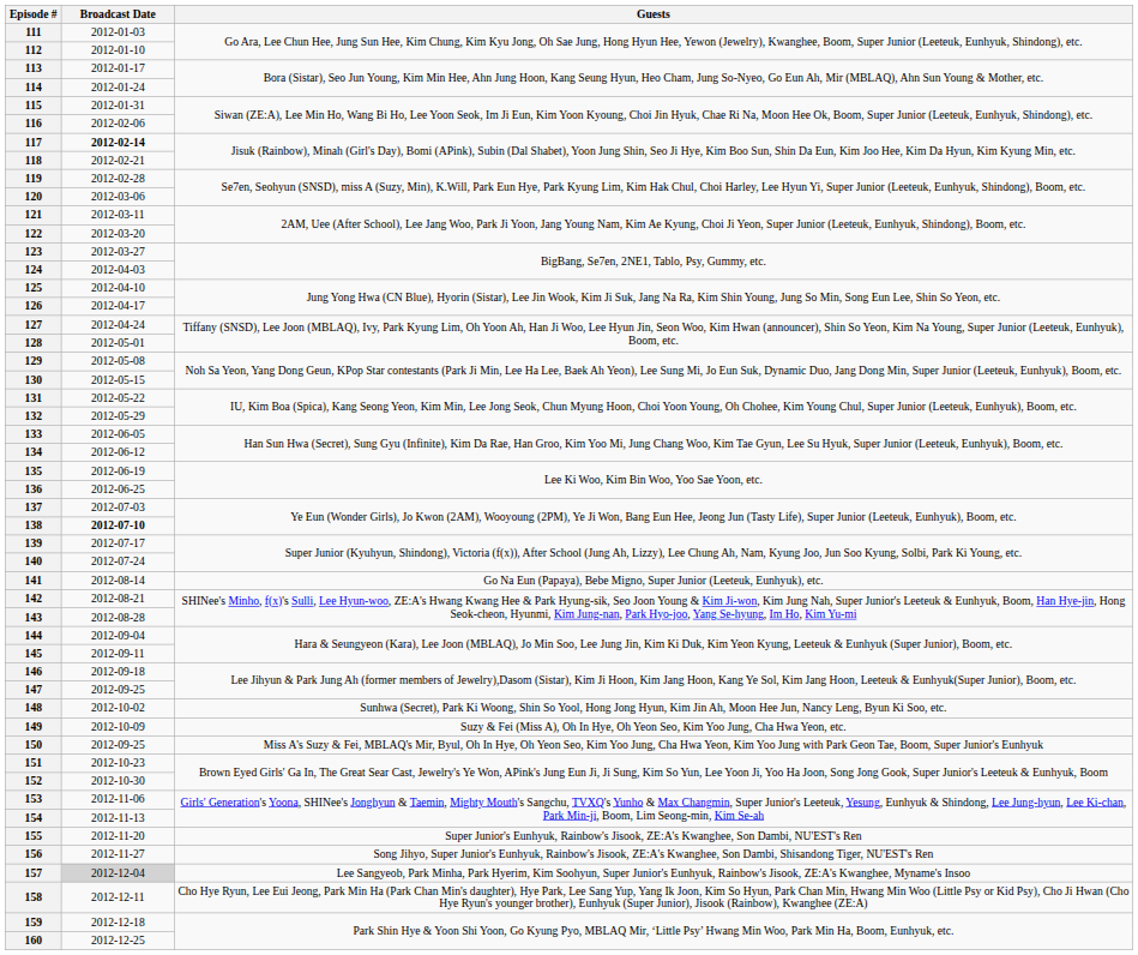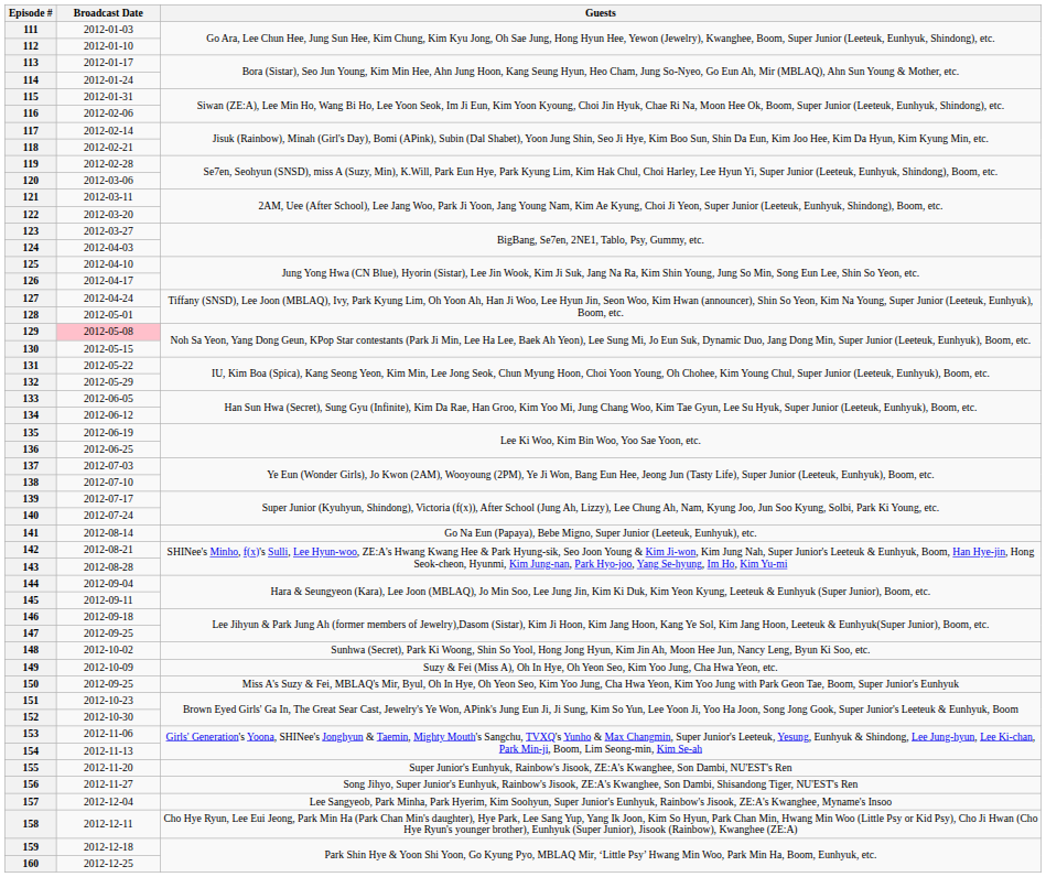 <table class="wikitable" style="text-align: center;">
 <tr>
 <th style="width:5%;">Episode #</th>
 <th style="width:10%;">Broadcast Date</th>
 <th style="width:300%;">Guests</th>
 </tr>
 <tr>
 <th>111</th>
 <td>2012-01-03</td>
 <td rowspan="2">Go Ara, Lee Chun Hee, Jung Sun Hee, Kim Chung, Kim Kyu Jong, Oh Sae Jung, Hong Hyun Hee, Yewon (Jewelry), Kwanghee, Boom, Super Junior (Leeteuk, Eunhyuk, Shindong), etc.</td>
 </tr>
 <tr>
 <th>112</th>
 <td>2012-01-10</td>
 </tr>
 <tr>
 <th>113</th>
 <td>2012-01-17</td>
 <td rowspan="2">Bora (Sistar), Seo Jun Young, Kim Min Hee, Ahn Jung Hoon, Kang Seung Hyun, Heo Cham, Jung So-Nyeo, Go Eun Ah, Mir (MBLAQ), Ahn Sun Young & Mother, etc.</td>
 </tr>
 <tr>
 <th>114</th>
 <td>2012-01-24</td>
 </tr>
 <tr>
 <th>115</th>
 <td>2012-01-31</td>
 <td rowspan="2">Siwan (ZE:A), Lee Min Ho, Wang Bi Ho, Lee Yoon Seok, Im Ji Eun, Kim Yoon Kyoung, Choi Jin Hyuk, Chae Ri Na, Moon Hee Ok, Boom, Super Junior (Leeteuk, Eunhyuk, Shindong), etc.</td>
 </tr>
 <tr>
 <th>116</th>
 <td>2012-02-06</td>
 </tr>
 <tr>
 <th>117</th>
-<td><strong>2012-02-14</strong></td>
+<td>2012-02-14</td>
 <td rowspan="2">Jisuk (Rainbow), Minah (Girl's Day), Bomi (APink), Subin (Dal Shabet), Yoon Jung Shin, Seo Ji Hye, Kim Boo Sun, Shin Da Eun, Kim Joo Hee, Kim Da Hyun, Kim Kyung Min, etc.</td>
 </tr>
 <tr>
 <th>118</th>
 <td>2012-02-21</td>
 </tr>
 <tr>
 <th>119</th>
 <td>2012-02-28</td>
 <td rowspan="2">Se7en, Seohyun (SNSD), miss A (Suzy, Min), K.Will, Park Eun Hye, Park Kyung Lim, Kim Hak Chul, Choi Harley, Lee Hyun Yi, Super Junior (Leeteuk, Eunhyuk, Shindong), Boom, etc.</td>
 </tr>
 <tr>
 <th>120</th>
 <td>2012-03-06</td>
 </tr>
 <tr>
 <th>121</th>
 <td>2012-03-11</td>
 <td rowspan="2">2AM, Uee (After School), Lee Jang Woo, Park Ji Yoon, Jang Young Nam, Kim Ae Kyung, Choi Ji Yeon, Super Junior (Leeteuk, Eunhyuk, Shindong), Boom, etc.</td>
 </tr>
 <tr>
 <th>122</th>
 <td>2012-03-20</td>
 </tr>
 <tr>
 <th>123</th>
 <td>2012-03-27</td>
 <td rowspan="2">BigBang, Se7en, 2NE1, Tablo, Psy, Gummy, etc.</td>
 </tr>
 <tr>
 <th>124</th>
 <td>2012-04-03</td>
 </tr>
 <tr>
 <th>125</th>
 <td>2012-04-10</td>
 <td rowspan="2">Jung Yong Hwa (CN Blue), Hyorin (Sistar), Lee Jin Wook, Kim Ji Suk, Jang Na Ra, Kim Shin Young, Jung So Min, Song Eun Lee, Shin So Yeon, etc.</td>
 </tr>
 <tr>
 <th>126</th>
 <td>2012-04-17</td>
 </tr>
 <tr>
 <th>127</th>
 <td>2012-04-24</td>
 <td rowspan="2">Tiffany (SNSD), Lee Joon (MBLAQ), Ivy, Park Kyung Lim, Oh Yoon Ah, Han Ji Woo, Lee Hyun Jin, Seon Woo, Kim Hwan (announcer), Shin So Yeon, Kim Na Young, Super Junior (Leeteuk, Eunhyuk), Boom, etc.</td>
 </tr>
 <tr>
 <th>128</th>
 <td>2012-05-01</td>
 </tr>
 <tr>
 <th>129</th>
-<td>2012-05-08</td>
+<td style="background: pink;">2012-05-08</td>
 <td rowspan="2">Noh Sa Yeon, Yang Dong Geun, KPop Star contestants (Park Ji Min, Lee Ha Lee, Baek Ah Yeon), Lee Sung Mi, Jo Eun Suk, Dynamic Duo, Jang Dong Min, Super Junior (Leeteuk, Eunhyuk), Boom, etc.</td>
 </tr>
 <tr>
 <th>130</th>
 <td>2012-05-15</td>
 </tr>
 <tr>
 <th>131</th>
 <td>2012-05-22</td>
 <td rowspan="2">IU, Kim Boa (Spica), Kang Seong Yeon, Kim Min, Lee Jong Seok, Chun Myung Hoon, Choi Yoon Young, Oh Chohee, Kim Young Chul, Super Junior (Leeteuk, Eunhyuk), Boom, etc.</td>
 </tr>
 <tr>
 <th>132</th>
 <td>2012-05-29</td>
 </tr>
 <tr>
 <th>133</th>
 <td>2012-06-05</td>
 <td rowspan="2">Han Sun Hwa (Secret), Sung Gyu (Infinite), Kim Da Rae, Han Groo, Kim Yoo Mi, Jung Chang Woo, Kim Tae Gyun, Lee Su Hyuk, Super Junior (Leeteuk, Eunhyuk), Boom, etc.</td>
 </tr>
 <tr>
 <th>134</th>
 <td>2012-06-12</td>
 </tr>
 <tr>
 <th>135</th>
 <td>2012-06-19</td>
 <td rowspan="2">Lee Ki Woo, Kim Bin Woo, Yoo Sae Yoon, etc.</td>
 </tr>
 <tr>
 <th>136</th>
 <td>2012-06-25</td>
 </tr>
 <tr>
 <th>137</th>
 <td>2012-07-03</td>
 <td rowspan="2">Ye Eun (Wonder Girls), Jo Kwon (2AM), Wooyoung (2PM), Ye Ji Won, Bang Eun Hee, Jeong Jun (Tasty Life), Super Junior (Leeteuk, Eunhyuk), Boom, etc.</td>
 </tr>
 <tr>
 <th>138</th>
-<td><strong>2012-07-10</strong></td>
+<td>2012-07-10</td>
 </tr>
 <tr>
 <th>139</th>
 <td>2012-07-17</td>
 <td rowspan="2">Super Junior (Kyuhyun, Shindong), Victoria (f(x)), After School (Jung Ah, Lizzy), Lee Chung Ah, Nam, Kyung Joo, Jun Soo Kyung, Solbi, Park Ki Young, etc.</td>
 </tr>
 <tr>
 <th>140</th>
 <td>2012-07-24</td>
 </tr>
 <tr>
 <th>141</th>
 <td>2012-08-14</td>
 <td>Go Na Eun (Papaya), Bebe Migno, Super Junior (Leeteuk, Eunhyuk), etc.</td>
 </tr>
 <tr>
 <th>142</th>
 <td>2012-08-21</td>
 <td rowspan="2">SHINee's <a href='#'>Minho</a>, <a href='#'>f(x)</a>'s <a href='#'>Sulli</a>, <a href='#'>Lee Hyun-woo</a>, ZE:A's Hwang Kwang Hee & Park Hyung-sik, Seo Joon Young & <a href='#'>Kim Ji-won</a>, Kim Jung Nah, Super Junior's Leeteuk & Eunhyuk, Boom, <a href='#'>Han Hye-jin</a>, Hong Seok-cheon, Hyunmi, <a href='#'>Kim Jung-nan</a>, <a href='#'>Park Hyo-joo</a>, <a href='#'>Yang Se-hyung</a>, <a href='#'>Im Ho</a>, <a href='#'>Kim Yu-mi</a></td>
 </tr>
 <tr>
 <th>143</th>
 <td>2012-08-28</td>
 </tr>
 <tr>
 <th>144</th>
 <td>2012-09-04</td>
 <td rowspan="2">Hara & Seungyeon (Kara), Lee Joon (MBLAQ), Jo Min Soo, Lee Jung Jin, Kim Ki Duk, Kim Yeon Kyung, Leeteuk & Eunhyuk (Super Junior), Boom, etc.</td>
 </tr>
 <tr>
 <th>145</th>
 <td>2012-09-11</td>
 </tr>
 <tr>
 <th>146</th>
 <td>2012-09-18</td>
 <td rowspan="2">Lee Jihyun & Park Jung Ah (former members of Jewelry),Dasom (Sistar), Kim Ji Hoon, Kim Jang Hoon, Kang Ye Sol, Kim Jang Hoon, Leeteuk & Eunhyuk(Super Junior), Boom, etc.</td>
 </tr>
 <tr>
 <th>147</th>
 <td>2012-09-25</td>
 </tr>
 <tr>
 <th>148</th>
 <td>2012-10-02</td>
 <td>Sunhwa (Secret), Park Ki Woong, Shin So Yool, Hong Jong Hyun, Kim Jin Ah, Moon Hee Jun, Nancy Leng, Byun Ki Soo, etc.</td>
 </tr>
 <tr>
 <th>149</th>
 <td>2012-10-09</td>
 <td>Suzy & Fei (Miss A), Oh In Hye, Oh Yeon Seo, Kim Yoo Jung, Cha Hwa Yeon, etc.</td>
 </tr>
 <tr>
 <th>150</th>
 <td>2012-09-25</td>
 <td>Miss A's Suzy & Fei, MBLAQ's Mir, Byul, Oh In Hye, Oh Yeon Seo, Kim Yoo Jung, Cha Hwa Yeon, Kim Yoo Jung with Park Geon Tae, Boom, Super Junior's Eunhyuk</td>
 </tr>
 <tr>
 <th>151</th>
 <td>2012-10-23</td>
 <td rowspan="2">Brown Eyed Girls' Ga In, The Great Sear Cast, Jewelry's Ye Won, APink's Jung Eun Ji, Ji Sung, Kim So Yun, Lee Yoon Ji, Yoo Ha Joon, Song Jong Gook, Super Junior's Leeteuk & Eunhyuk, Boom</td>
 </tr>
 <tr>
 <th>152</th>
 <td>2012-10-30</td>
 </tr>
 <tr>
 <th>153</th>
 <td>2012-11-06</td>
 <td rowspan="2"><a href='#'>Girls' Generation</a>'s <a href='#'>Yoona</a>, SHINee's <a href='#'>Jonghyun</a> & <a href='#'>Taemin</a>, <a href='#'>Mighty Mouth</a>'s Sangchu, <a href='#'>TVXQ</a>'s <a href='#'>Yunho</a> & <a href='#'>Max Changmin</a>, Super Junior's Leeteuk, <a href='#'>Yesung</a>, Eunhyuk & Shindong, <a href='#'>Lee Jung-hyun</a>, <a href='#'>Lee Ki-chan</a>, <a href='#'>Park Min-ji</a>, Boom, Lim Seong-min, <a href='#'>Kim Se-ah</a></td>
 </tr>
 <tr>
 <th>154</th>
 <td>2012-11-13</td>
 </tr>
 <tr>
 <th>155</th>
 <td>2012-11-20</td>
 <td>Super Junior's Eunhyuk, Rainbow's Jisook, ZE:A's Kwanghee, Son Dambi, NU'EST's Ren</td>
 </tr>
 <tr>
 <th>156</th>
 <td>2012-11-27</td>
 <td>Song Jihyo, Super Junior's Eunhyuk, Rainbow's Jisook, ZE:A's Kwanghee, Son Dambi, Shisandong Tiger, NU'EST's Ren</td>
 </tr>
 <tr>
 <th>157</th>
-<td style="background: lightgrey;">2012-12-04</td>
+<td>2012-12-04</td>
 <td>Lee Sangyeob, Park Minha, Park Hyerim, Kim Soohyun, Super Junior's Eunhyuk, Rainbow's Jisook, ZE:A's Kwanghee, Myname's Insoo</td>
 </tr>
 <tr>
 <th>158</th>
 <td>2012-12-11</td>
 <td>Cho Hye Ryun, Lee Eui Jeong, Park Min Ha (Park Chan Min's daughter), Hye Park, Lee Sang Yup, Yang Ik Joon, Kim So Hyun, Park Chan Min, Hwang Min Woo (Little Psy or Kid Psy), Cho Ji Hwan (Cho Hye Ryun's younger brother), Eunhyuk (Super Junior), Jisook (Rainbow), Kwanghee (ZE:A)</td>
 </tr>
 <tr>
 <th>159</th>
 <td>2012-12-18</td>
 <td rowspan="2">Park Shin Hye & Yoon Shi Yoon, Go Kyung Pyo, MBLAQ Mir, ‘Little Psy’ Hwang Min Woo, Park Min Ha, Boom, Eunhyuk, etc.</td>
 </tr>
 <tr>
 <th>160</th>
 <td>2012-12-25</td>
 </tr>
 </table>
